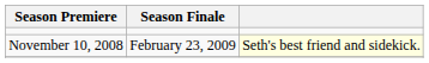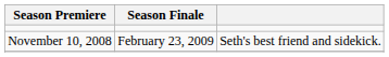 <table class="wikitable">
 <tr>
 <th>Season Premiere</th>
 <th>Season Finale</th>
 <th></th>
 </tr>
 <tr>
 <td></td>
 <td></td>
 <td></td>
 </tr>
 <tr>
 <td>November 10, 2008</td>
 <td>February 23, 2009</td>
-<td style="background: lightyellow;">Seth's best friend and sidekick.</td>
+<td>Seth's best friend and sidekick.</td>
 </tr>
 <tr>
 </tr>
 <tr>
 </tr>
 </table>
